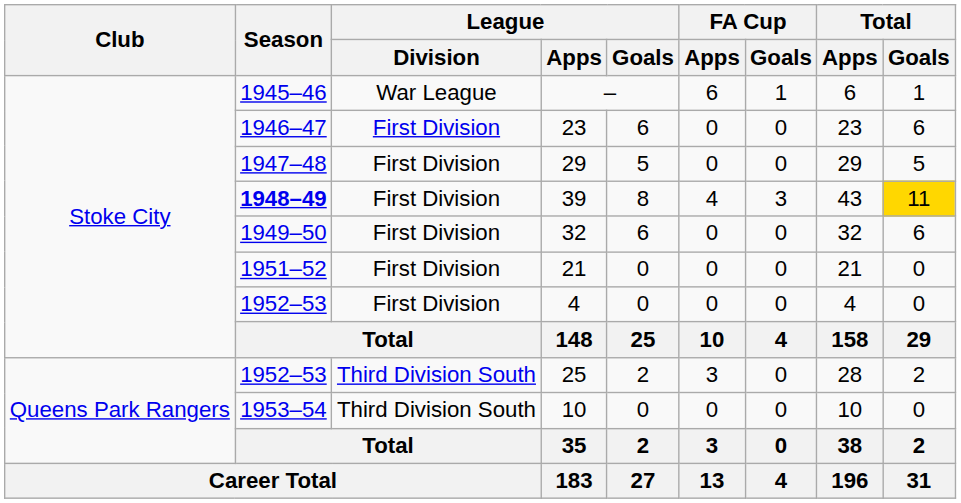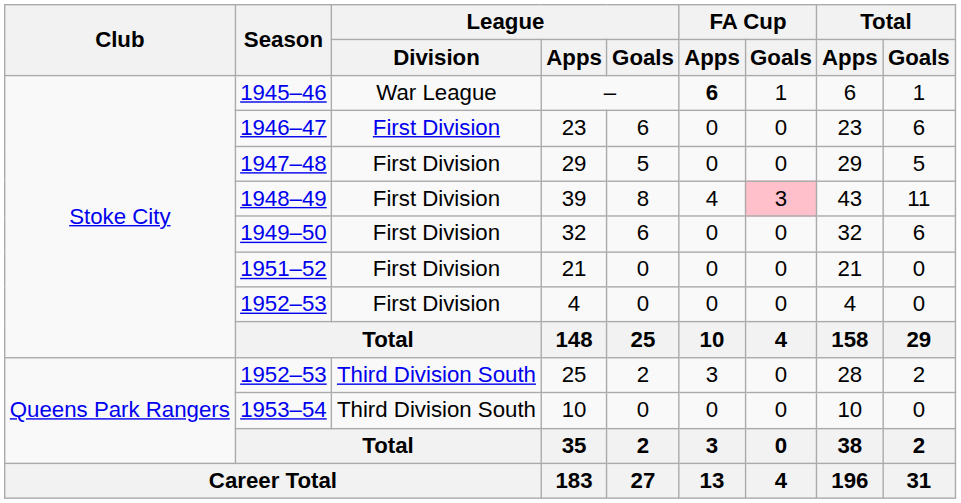 <table class="wikitable" style="text-align: center;">
 <tr>
 <th rowspan="2">Club</th>
 <th rowspan="2">Season</th>
 <th colspan="3">League</th>
 <th colspan="2">FA Cup</th>
 <th colspan="2">Total</th>
 </tr>
 <tr>
 <th>Division</th>
 <th>Apps</th>
 <th>Goals</th>
 <th>Apps</th>
 <th>Goals</th>
 <th>Apps</th>
 <th>Goals</th>
 </tr>
 <tr>
 <td rowspan="8"><a href='#'>Stoke City</a></td>
 <td><a href='#'>1945–46</a></td>
 <td>War League</td>
 <td colspan="2">–</td>
-<td>6</td>
+<td><strong>6</strong></td>
 <td>1</td>
 <td>6</td>
 <td>1</td>
 </tr>
 <tr>
 <td><a href='#'>1946–47</a></td>
 <td><a href='#'>First Division</a></td>
 <td>23</td>
 <td>6</td>
 <td>0</td>
 <td>0</td>
 <td>23</td>
 <td>6</td>
 </tr>
 <tr>
 <td><a href='#'>1947–48</a></td>
 <td>First Division</td>
 <td>29</td>
 <td>5</td>
 <td>0</td>
 <td>0</td>
 <td>29</td>
 <td>5</td>
 </tr>
 <tr>
-<td><strong><a href='#'>1948–49</a></strong></td>
+<td><a href='#'>1948–49</a></td>
 <td>First Division</td>
 <td>39</td>
 <td>8</td>
 <td>4</td>
-<td>3</td>
+<td style="background: pink;">3</td>
 <td>43</td>
-<td style="background: gold;">11</td>
+<td>11</td>
 </tr>
 <tr>
 <td><a href='#'>1949–50</a></td>
 <td>First Division</td>
 <td>32</td>
 <td>6</td>
 <td>0</td>
 <td>0</td>
 <td>32</td>
 <td>6</td>
 </tr>
 <tr>
 <td><a href='#'>1951–52</a></td>
 <td>First Division</td>
 <td>21</td>
 <td>0</td>
 <td>0</td>
 <td>0</td>
 <td>21</td>
 <td>0</td>
 </tr>
 <tr>
 <td><a href='#'>1952–53</a></td>
 <td>First Division</td>
 <td>4</td>
 <td>0</td>
 <td>0</td>
 <td>0</td>
 <td>4</td>
 <td>0</td>
 </tr>
 <tr>
 <th colspan=2>Total</th>
 <th>148</th>
 <th>25</th>
 <th>10</th>
 <th>4</th>
 <th>158</th>
 <th>29</th>
 </tr>
 <tr>
 <td rowspan="3"><a href='#'>Queens Park Rangers</a></td>
 <td><a href='#'>1952–53</a></td>
 <td><a href='#'>Third Division South</a></td>
 <td>25</td>
 <td>2</td>
 <td>3</td>
 <td>0</td>
 <td>28</td>
 <td>2</td>
 </tr>
 <tr>
 <td><a href='#'>1953–54</a></td>
 <td>Third Division South</td>
 <td>10</td>
 <td>0</td>
 <td>0</td>
 <td>0</td>
 <td>10</td>
 <td>0</td>
 </tr>
 <tr>
 <th colspan=2>Total</th>
 <th>35</th>
 <th>2</th>
 <th>3</th>
 <th>0</th>
 <th>38</th>
 <th>2</th>
 </tr>
 <tr>
 <th colspan="3">Career Total</th>
 <th>183</th>
 <th>27</th>
 <th>13</th>
 <th>4</th>
 <th>196</th>
 <th>31</th>
 </tr>
 </table>
